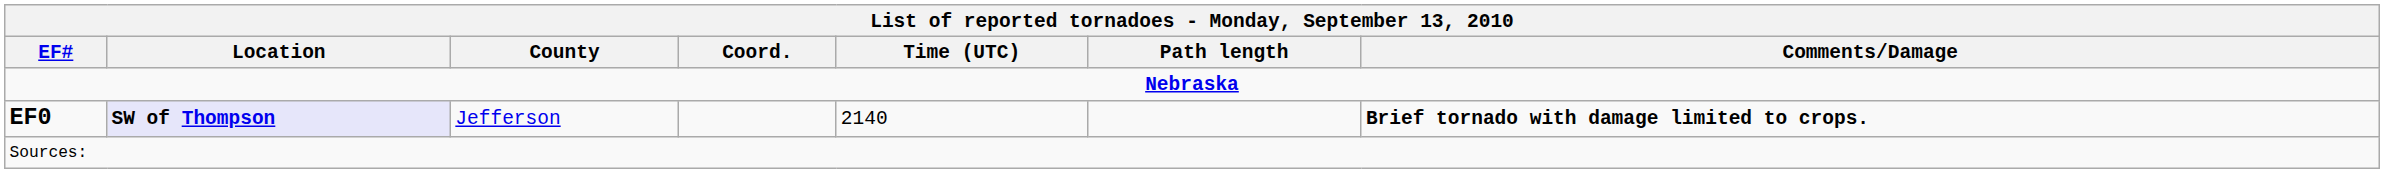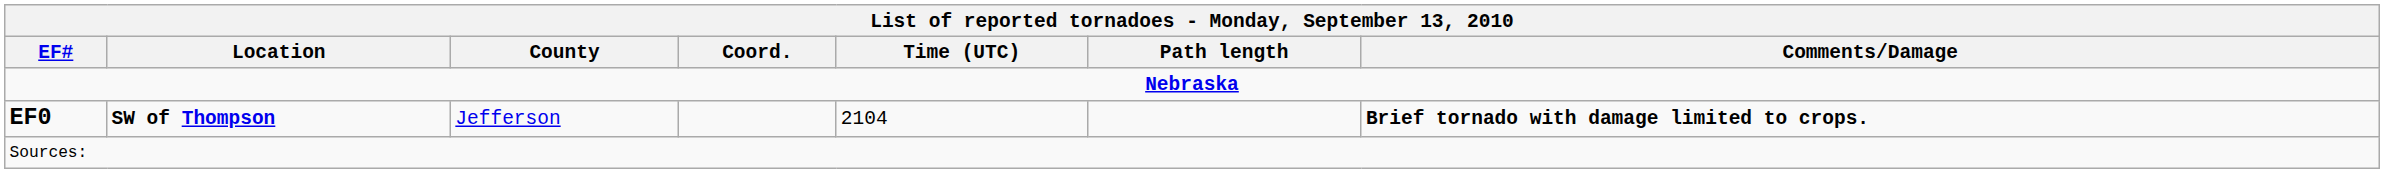 <table class="wikitable collapsible" width="100%">
 <tr>
 <th colspan="7">List of reported tornadoes - Monday, September 13, 2010</th>
 </tr>
 <tr>
 <th><a href='#'>EF#</a></th>
 <th>Location</th>
 <th>County</th>
 <th>Coord.</th>
 <th>Time (UTC)</th>
 <th>Path length</th>
 <th>Comments/Damage</th>
 </tr>
 <tr>
 <td colspan="7" align=center><strong><a href='#'>Nebraska</a></strong></td>
 </tr>
 <tr>
 <td><big><strong>EF0</strong></big></td>
-<td style="background: lavender;"><strong>SW of <a href='#'>Thompson</a></strong></td>
+<td><strong>SW of <a href='#'>Thompson</a></strong></td>
 <td><a href='#'>Jefferson</a></td>
 <td></td>
-<td>2140</td>
+<td>2104</td>
 <td></td>
 <td><strong>Brief tornado with damage limited to crops.</strong></td>
 </tr>
 <tr>
 <td colspan="7"><small>Sources:<br></small></td>
 </tr>
 </table>
